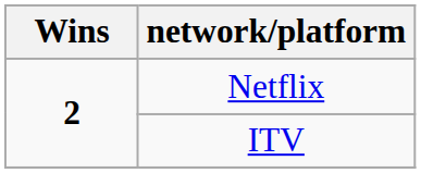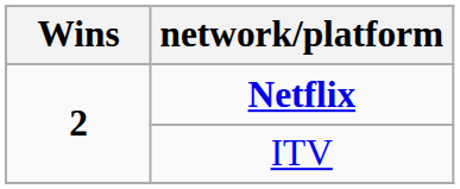 <table class="wikitable" rowspan="2" style="text-align:center;" background: #f6e39c;>
 <tr>
 <th scope="col" style="width:55px;">Wins</th>
 <th scope="col" style="text-align:center;">network/platform</th>
 </tr>
 <tr>
 <td rowspan="2"><strong>2</strong></td>
-<td><a href='#'>Netflix</a></td>
+<td><strong><a href='#'>Netflix</a></strong></td>
 </tr>
 <tr>
 <td><a href='#'>ITV</a></td>
 </tr>
 <tr>
 </tr>
 </table>
